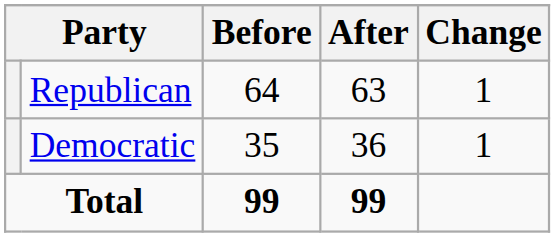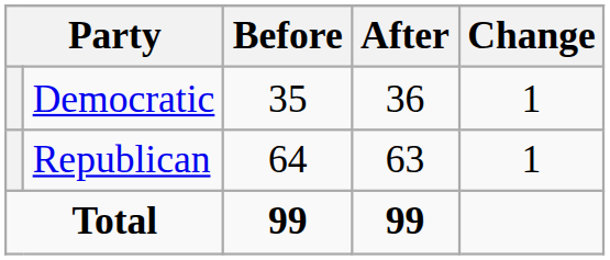 <table class="wikitable" style="text-align:center;">
 <tr>
 </tr>
 <tr>
 <th colspan=2>Party</th>
 <th>Before</th>
 <th>After</th>
 <th>Change</th>
 </tr>
 <tr>
 <th style="background-color:"></th>
-<td style="text-align:left;"><a href='#'>Republican</a></td>
-<td>64</td>
-<td>63</td>
+<td style="text-align:left;"><a href='#'>Democratic</a></td>
+<td>35</td>
+<td>36</td>
 <td> 1</td>
 </tr>
 <tr>
 <th style="background-color:"></th>
-<td style="text-align:left;"><a href='#'>Democratic</a></td>
-<td>35</td>
-<td>36</td>
+<td style="text-align:left;"><a href='#'>Republican</a></td>
+<td>64</td>
+<td>63</td>
 <td> 1</td>
 </tr>
 <tr>
 <td colspan=2><strong>Total</strong></td>
 <td><strong>99</strong></td>
 <td><strong>99</strong></td>
 <td></td>
 </tr>
 </table>
